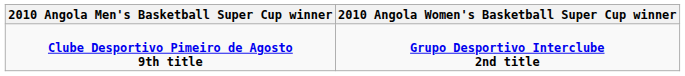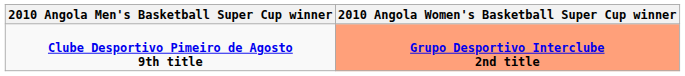 <table class=wikitable style="text-align:center; margin:auto">
 <tr>
 <th>2010 Angola Men's Basketball Super Cup winner</th>
 <th>2010 Angola Women's Basketball Super Cup winner</th>
 </tr>
 <tr>
 <td><br><strong><a href='#'>Clube Desportivo Pimeiro de Agosto</a></strong><br><strong>9th title</strong></td>
-<td><br><strong><a href='#'>Grupo Desportivo Interclube</a></strong><br><strong>2nd title</strong></td>
+<td style="background: lightsalmon;"><br><strong><a href='#'>Grupo Desportivo Interclube</a></strong><br><strong>2nd title</strong></td>
 </tr>
 </table>
